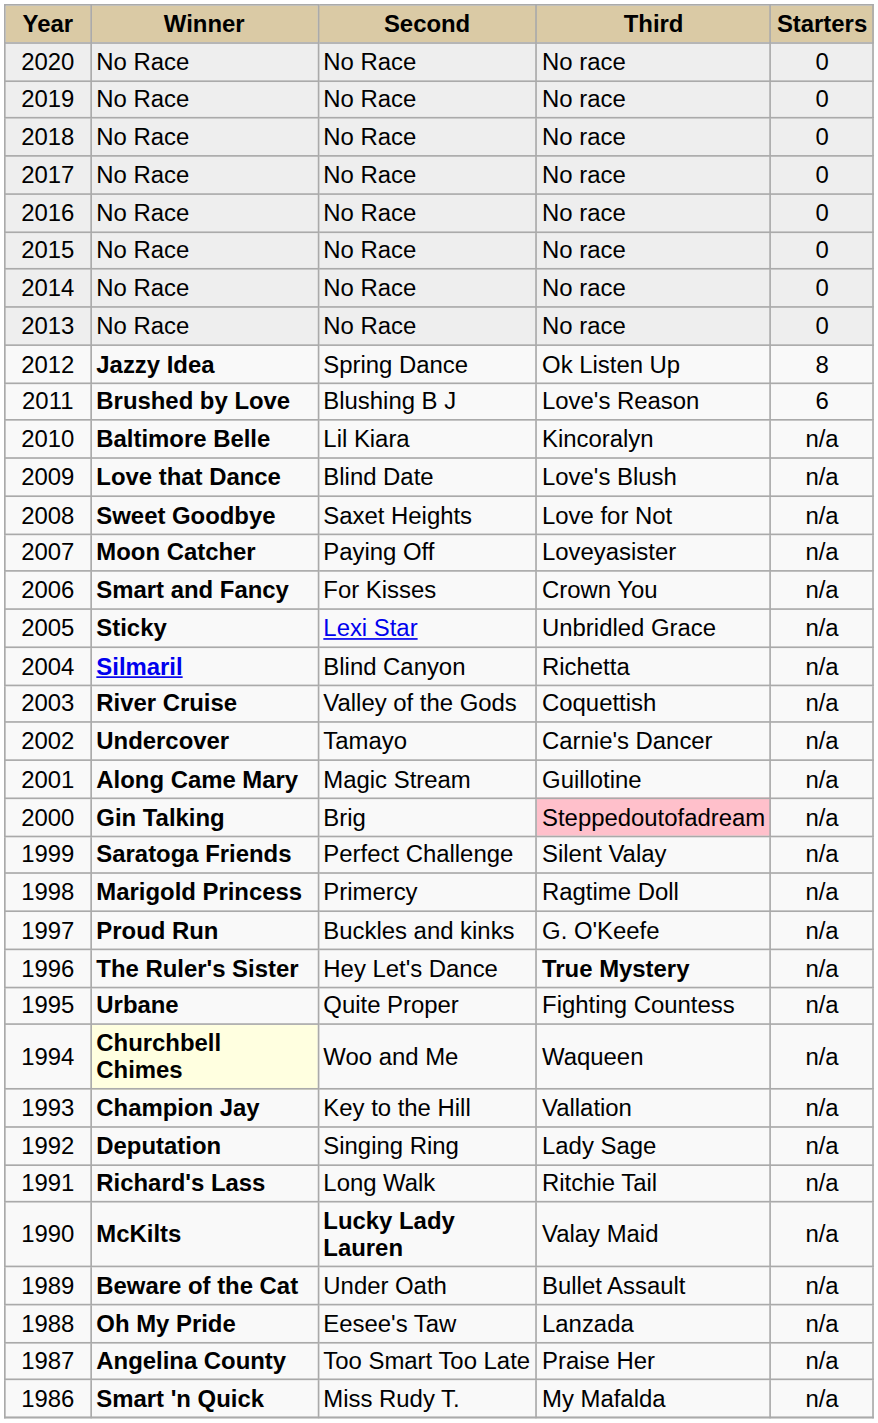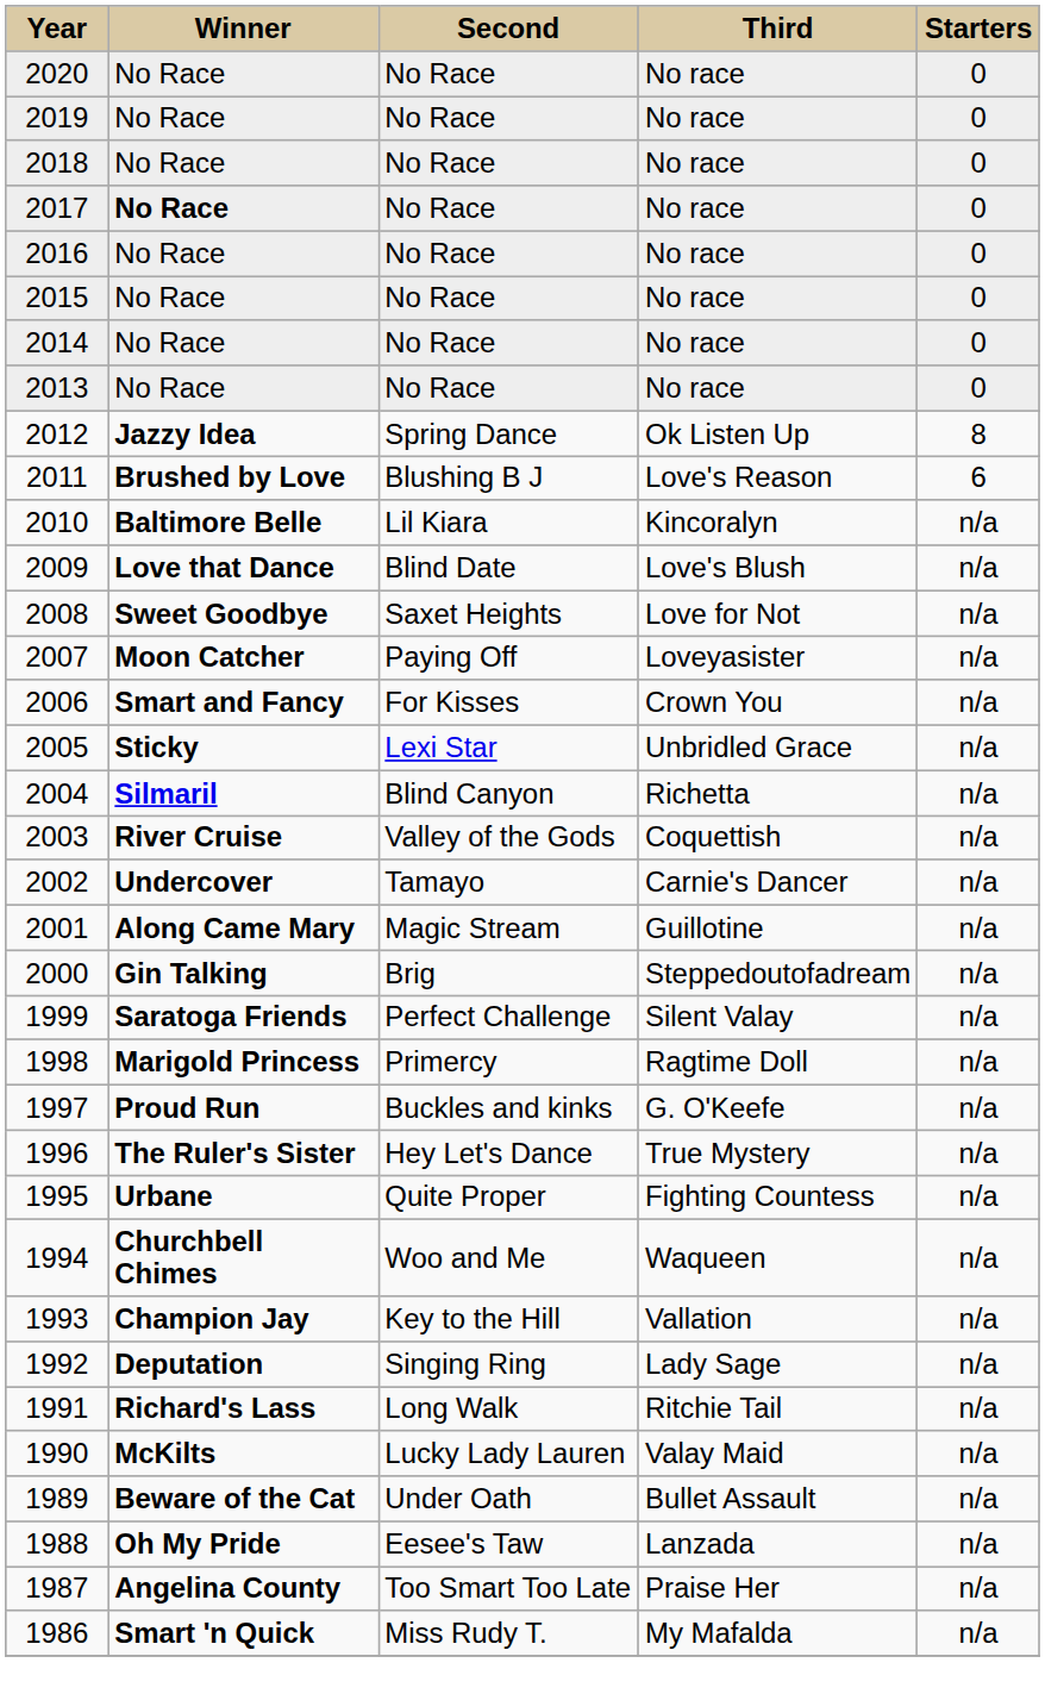 <table class = "wikitable sortable" | border="1" cellpadding="0" style="border-collapse: collapse; font-size:90%">
 <tr bgcolor="#DACAA5" align="center">
 <td width="45px"><strong>Year</strong> <br></td>
 <td width="130px"><strong>Winner</strong> <br></td>
 <td width="125px"><strong>Second</strong> <br></td>
 <td width="125px"><strong>Third</strong> <br></td>
 <td width="55px"><strong>Starters</strong></td>
 </tr>
 <tr bgcolor="#eeeeee">
 <td align=center>2020</td>
 <td>No Race</td>
 <td>No Race</td>
 <td>No race</td>
 <td align=center>0</td>
 </tr>
 <tr bgcolor="#eeeeee">
 <td align=center>2019</td>
 <td>No Race</td>
 <td>No Race</td>
 <td>No race</td>
 <td align=center>0</td>
 </tr>
 <tr bgcolor="#eeeeee">
 <td align=center>2018</td>
 <td>No Race</td>
 <td>No Race</td>
 <td>No race</td>
 <td align=center>0</td>
 </tr>
 <tr bgcolor="#eeeeee">
 <td align=center>2017</td>
-<td>No Race</td>
+<td><strong>No Race</strong></td>
 <td>No Race</td>
 <td>No race</td>
 <td align=center>0</td>
 </tr>
 <tr bgcolor="#eeeeee">
 <td align=center>2016</td>
 <td>No Race</td>
 <td>No Race</td>
 <td>No race</td>
 <td align=center>0</td>
 </tr>
 <tr bgcolor="#eeeeee">
 <td align=center>2015</td>
 <td>No Race</td>
 <td>No Race</td>
 <td>No race</td>
 <td align=center>0</td>
 </tr>
 <tr bgcolor="#eeeeee">
 <td align=center>2014</td>
 <td>No Race</td>
 <td>No Race</td>
 <td>No race</td>
 <td align=center>0</td>
 </tr>
 <tr bgcolor="#eeeeee">
 <td align=center>2013</td>
 <td>No Race</td>
 <td>No Race</td>
 <td>No race</td>
 <td align=center>0</td>
 </tr>
 <tr>
 <td align=center>2012</td>
 <td><strong>Jazzy Idea</strong></td>
 <td>Spring Dance</td>
 <td>Ok Listen Up</td>
 <td align=center>8</td>
 </tr>
 <tr>
 <td align=center>2011</td>
 <td><strong>Brushed by Love</strong></td>
 <td>Blushing B J</td>
 <td>Love's Reason</td>
 <td align=center>6</td>
 </tr>
 <tr>
 <td align=center>2010</td>
 <td><strong>Baltimore Belle</strong></td>
 <td>Lil Kiara</td>
 <td>Kincoralyn</td>
 <td align=center>n/a</td>
 </tr>
 <tr>
 <td align=center>2009</td>
 <td><strong>Love that Dance</strong></td>
 <td>Blind Date</td>
 <td>Love's Blush</td>
 <td align=center>n/a</td>
 </tr>
 <tr>
 <td align=center>2008</td>
 <td><strong>Sweet Goodbye</strong></td>
 <td>Saxet Heights</td>
 <td>Love for Not</td>
 <td align=center>n/a</td>
 </tr>
 <tr>
 <td align=center>2007</td>
 <td><strong>Moon Catcher</strong></td>
 <td>Paying Off</td>
 <td>Loveyasister</td>
 <td align=center>n/a</td>
 </tr>
 <tr>
 <td align=center>2006</td>
 <td><strong>Smart and Fancy</strong></td>
 <td>For Kisses</td>
 <td>Crown You</td>
 <td align=center>n/a</td>
 </tr>
 <tr>
 <td align=center>2005</td>
 <td><strong>Sticky</strong></td>
 <td><a href='#'>Lexi Star</a></td>
 <td>Unbridled Grace</td>
 <td align=center>n/a</td>
 </tr>
 <tr>
 <td align=center>2004</td>
 <td><strong><a href='#'>Silmaril</a></strong></td>
 <td>Blind Canyon</td>
 <td>Richetta</td>
 <td align=center>n/a</td>
 </tr>
 <tr>
 <td align=center>2003</td>
 <td><strong>River Cruise</strong></td>
 <td>Valley of the Gods</td>
 <td>Coquettish</td>
 <td align=center>n/a</td>
 </tr>
 <tr>
 <td align=center>2002</td>
 <td><strong>Undercover</strong></td>
 <td>Tamayo</td>
 <td>Carnie's Dancer</td>
 <td align=center>n/a</td>
 </tr>
 <tr>
 <td align=center>2001</td>
 <td><strong>Along Came Mary</strong></td>
 <td>Magic Stream</td>
 <td>Guillotine</td>
 <td align=center>n/a</td>
 </tr>
 <tr>
 <td align=center>2000</td>
 <td><strong>Gin Talking</strong></td>
 <td>Brig</td>
-<td style="background: pink;">Steppedoutofadream</td>
+<td>Steppedoutofadream</td>
 <td align=center>n/a</td>
 </tr>
 <tr>
 <td align=center>1999</td>
 <td><strong>Saratoga Friends</strong></td>
 <td>Perfect Challenge</td>
 <td>Silent Valay</td>
 <td align=center>n/a</td>
 </tr>
 <tr>
 <td align=center>1998</td>
 <td><strong>Marigold Princess</strong></td>
 <td>Primercy</td>
 <td>Ragtime Doll</td>
 <td align=center>n/a</td>
 </tr>
 <tr>
 <td align=center>1997</td>
 <td><strong>Proud Run</strong></td>
 <td>Buckles and kinks</td>
 <td>G. O'Keefe</td>
 <td align=center>n/a</td>
 </tr>
 <tr>
 <td align=center>1996</td>
 <td><strong>The Ruler's Sister</strong></td>
 <td>Hey Let's Dance</td>
-<td><strong>True Mystery</strong></td>
+<td>True Mystery</td>
 <td align=center>n/a</td>
 </tr>
 <tr>
 <td align=center>1995</td>
 <td><strong>Urbane</strong></td>
 <td>Quite Proper</td>
 <td>Fighting Countess</td>
 <td align=center>n/a</td>
 </tr>
 <tr>
 <td align=center>1994</td>
-<td style="background: lightyellow;"><strong>Churchbell Chimes</strong></td>
+<td><strong>Churchbell Chimes</strong></td>
 <td>Woo and Me</td>
 <td>Waqueen</td>
 <td align=center>n/a</td>
 </tr>
 <tr>
 <td align=center>1993</td>
 <td><strong>Champion Jay</strong></td>
 <td>Key to the Hill</td>
 <td>Vallation</td>
 <td align=center>n/a</td>
 </tr>
 <tr>
 <td align=center>1992</td>
 <td><strong>Deputation</strong></td>
 <td>Singing Ring</td>
 <td>Lady Sage</td>
 <td align=center>n/a</td>
 </tr>
 <tr>
 <td align=center>1991</td>
 <td><strong>Richard's Lass</strong></td>
 <td>Long Walk</td>
 <td>Ritchie Tail</td>
 <td align=center>n/a</td>
 </tr>
 <tr>
 <td align=center>1990</td>
 <td><strong>McKilts</strong></td>
-<td><strong>Lucky Lady Lauren</strong></td>
+<td>Lucky Lady Lauren</td>
 <td>Valay Maid</td>
 <td align=center>n/a</td>
 </tr>
 <tr>
 <td align=center>1989</td>
 <td><strong>Beware of the Cat</strong></td>
 <td>Under Oath</td>
 <td>Bullet Assault</td>
 <td align=center>n/a</td>
 </tr>
 <tr>
 <td align=center>1988</td>
 <td><strong>Oh My Pride</strong></td>
 <td>Eesee's Taw</td>
 <td>Lanzada</td>
 <td align=center>n/a</td>
 </tr>
 <tr>
 <td align=center>1987</td>
 <td><strong>Angelina County</strong></td>
 <td>Too Smart Too Late</td>
 <td>Praise Her</td>
 <td align=center>n/a</td>
 </tr>
 <tr>
 <td align=center>1986</td>
 <td><strong>Smart 'n Quick</strong></td>
 <td>Miss Rudy T.</td>
 <td>My Mafalda</td>
 <td align=center>n/a</td>
 </tr>
 <tr>
 </tr>
 </table>
